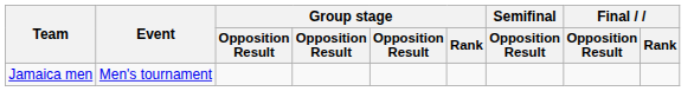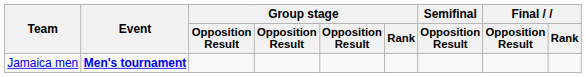 <table class=wikitable style=font-size:90%;text-align:center>
 <tr>
 <th rowspan=2>Team</th>
 <th rowspan=2>Event</th>
 <th colspan=4>Group stage</th>
 <th>Semifinal</th>
 <th colspan=2>Final /  / </th>
 </tr>
 <tr style=font-size:95%>
 <th>Opposition<br>Result</th>
 <th>Opposition<br>Result</th>
 <th>Opposition<br>Result</th>
 <th>Rank</th>
 <th>Opposition<br>Result</th>
 <th>Opposition<br>Result</th>
 <th>Rank</th>
 </tr>
 <tr>
 <td align=left><a href='#'>Jamaica men</a></td>
-<td align=left><a href='#'>Men's tournament</a></td>
+<td align=left><strong><a href='#'>Men's tournament</a></strong></td>
 <td></td>
 <td></td>
 <td></td>
 <td></td>
 <td></td>
 <td></td>
 <td></td>
 </tr>
 </table>
